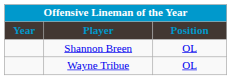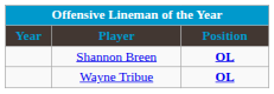 <table class="wikitable sortable" style="text-align:center">
 <tr>
 <td colspan="4" style="background:#09C; color:#fff;"><strong>Offensive Lineman of the Year</strong></td>
 </tr>
 <tr>
 <th style="width:50px; background:#423732; color:#09C;">Year</th>
 <th style="width:150px; background:#423732; color:#09C;">Player</th>
 <th style="width:100px; background:#423732; color:#09C;">Position</th>
 </tr>
 <tr>
 <td></td>
 <td><a href='#'>Shannon Breen</a></td>
-<td><a href='#'>OL</a></td>
+<td><strong><a href='#'>OL</a></strong></td>
 </tr>
 <tr>
 <td></td>
 <td><a href='#'>Wayne Tribue</a></td>
-<td><a href='#'>OL</a></td>
+<td><strong><a href='#'>OL</a></strong></td>
 </tr>
 </table>
